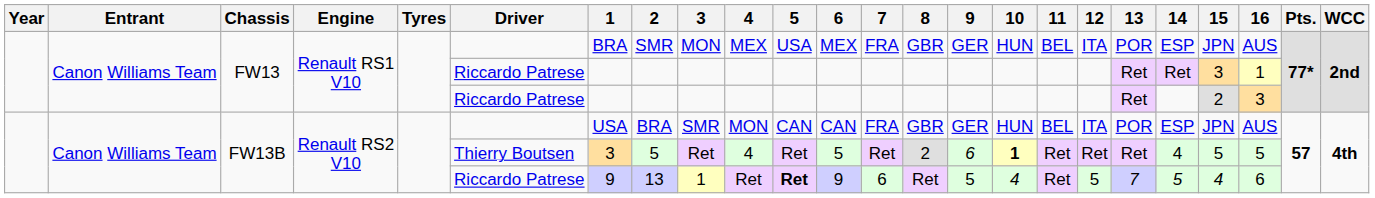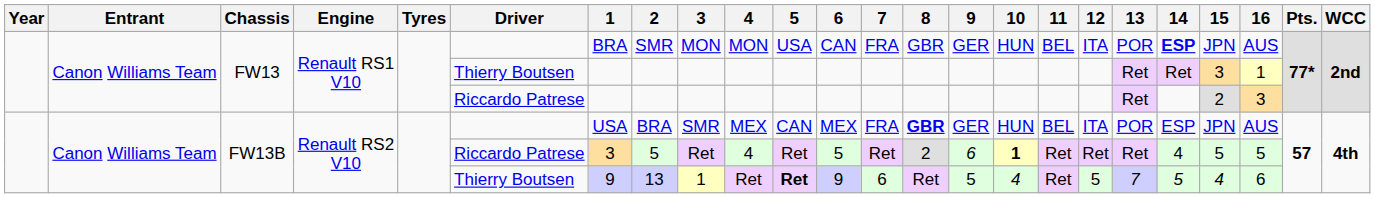 <table class="wikitable" style="text-align:center; font-size:95%">
 <tr>
 <th>Year</th>
 <th>Entrant</th>
 <th>Chassis</th>
 <th>Engine</th>
 <th>Tyres</th>
 <th>Driver</th>
 <th>1</th>
 <th>2</th>
 <th>3</th>
 <th>4</th>
 <th>5</th>
 <th>6</th>
 <th>7</th>
 <th>8</th>
 <th>9</th>
 <th>10</th>
 <th>11</th>
 <th>12</th>
 <th>13</th>
 <th>14</th>
 <th>15</th>
 <th>16</th>
 <th>Pts.</th>
 <th>WCC</th>
 </tr>
 <tr>
 <td rowspan="3"></td>
 <td rowspan="3"><a href='#'>Canon</a> <a href='#'>Williams Team</a></td>
 <td rowspan="3">FW13</td>
 <td rowspan="3"><a href='#'>Renault</a> RS1<br><a href='#'>V10</a></td>
 <td rowspan="3"></td>
 <td></td>
 <td><a href='#'>BRA</a></td>
 <td><a href='#'>SMR</a></td>
 <td><a href='#'>MON</a></td>
-<td><a href='#'>MEX</a></td>
+<td><a href='#'>MON</a></td>
 <td><a href='#'>USA</a></td>
-<td><a href='#'>MEX</a></td>
+<td><a href='#'>CAN</a></td>
 <td><a href='#'>FRA</a></td>
 <td><a href='#'>GBR</a></td>
 <td><a href='#'>GER</a></td>
 <td><a href='#'>HUN</a></td>
 <td><a href='#'>BEL</a></td>
 <td><a href='#'>ITA</a></td>
 <td><a href='#'>POR</a></td>
-<td><a href='#'>ESP</a></td>
+<td><strong><a href='#'>ESP</a></strong></td>
 <td><a href='#'>JPN</a></td>
 <td><a href='#'>AUS</a></td>
 <td rowspan="3" style="background:#dfdfdf;"><strong>77*</strong></td>
 <td rowspan="3" style="background:#dfdfdf;"><strong>2nd</strong></td>
 </tr>
 <tr>
-<td align="left"><a href='#'>Riccardo Patrese</a></td>
+<td align="left"><a href='#'>Thierry Boutsen</a></td>
 <td></td>
 <td></td>
 <td></td>
 <td></td>
 <td></td>
 <td></td>
 <td></td>
 <td></td>
 <td></td>
 <td></td>
 <td></td>
 <td></td>
 <td style="background:#efcfff;">Ret</td>
 <td style="background:#efcfff;">Ret</td>
 <td style="background:#ffdf9f;">3</td>
 <td style="background:#ffffbf;">1</td>
 </tr>
 <tr>
 <td align="left"><a href='#'>Riccardo Patrese</a></td>
 <td></td>
 <td></td>
 <td></td>
 <td></td>
 <td></td>
 <td></td>
 <td></td>
 <td></td>
 <td></td>
 <td></td>
 <td></td>
 <td></td>
 <td style="background:#efcfff;">Ret</td>
 <td></td>
 <td style="background:#dfdfdf;">2</td>
 <td style="background:#ffdf9f;">3</td>
 </tr>
 <tr>
 <td rowspan="3"></td>
 <td rowspan="3"><a href='#'>Canon</a> <a href='#'>Williams Team</a></td>
 <td rowspan="3">FW13B</td>
 <td rowspan="3"><a href='#'>Renault</a> RS2<br><a href='#'>V10</a></td>
 <td rowspan="3"></td>
 <td></td>
 <td><a href='#'>USA</a></td>
 <td><a href='#'>BRA</a></td>
 <td><a href='#'>SMR</a></td>
-<td><a href='#'>MON</a></td>
+<td><a href='#'>MEX</a></td>
 <td><a href='#'>CAN</a></td>
-<td><a href='#'>CAN</a></td>
+<td><a href='#'>MEX</a></td>
 <td><a href='#'>FRA</a></td>
-<td><a href='#'>GBR</a></td>
+<td><strong><a href='#'>GBR</a></strong></td>
 <td><a href='#'>GER</a></td>
 <td><a href='#'>HUN</a></td>
 <td><a href='#'>BEL</a></td>
 <td><a href='#'>ITA</a></td>
 <td><a href='#'>POR</a></td>
 <td><a href='#'>ESP</a></td>
 <td><a href='#'>JPN</a></td>
 <td><a href='#'>AUS</a></td>
 <td rowspan="3"><strong>57</strong></td>
 <td rowspan="3"><strong>4th</strong></td>
 </tr>
 <tr>
-<td align="left"><a href='#'>Thierry Boutsen</a></td>
+<td align="left"><a href='#'>Riccardo Patrese</a></td>
 <td style="background:#ffdf9f;">3</td>
 <td style="background:#dfffdf;">5</td>
 <td style="background:#efcfff;">Ret</td>
 <td style="background:#dfffdf;">4</td>
 <td style="background:#efcfff;">Ret</td>
 <td style="background:#dfffdf;">5</td>
 <td style="background:#efcfff;">Ret</td>
 <td style="background:#dfdfdf;">2</td>
 <td style="background:#dfffdf;"><em>6</em></td>
 <td style="background:#ffffbf;"><strong>1</strong></td>
 <td style="background:#efcfff;">Ret</td>
 <td style="background:#efcfff;">Ret</td>
 <td style="background:#efcfff;">Ret</td>
 <td style="background:#dfffdf;">4</td>
 <td style="background:#dfffdf;">5</td>
 <td style="background:#dfffdf;">5</td>
 </tr>
 <tr>
-<td align="left"><a href='#'>Riccardo Patrese</a></td>
+<td align="left"><a href='#'>Thierry Boutsen</a></td>
 <td style="background:#cfcfff;">9</td>
 <td style="background:#cfcfff;">13</td>
 <td style="background:#ffffbf;">1</td>
 <td style="background:#efcfff;">Ret</td>
 <td style="background:#efcfff;"><strong>Ret</strong></td>
 <td style="background:#cfcfff;">9</td>
 <td style="background:#dfffdf;">6</td>
 <td style="background:#efcfff;">Ret</td>
 <td style="background:#dfffdf;">5</td>
 <td style="background:#dfffdf;"><em>4</em></td>
 <td style="background:#efcfff;">Ret</td>
 <td style="background:#dfffdf;">5</td>
 <td style="background:#cfcfff;"><em>7</em></td>
 <td style="background:#dfffdf;"><em>5</em></td>
 <td style="background:#dfffdf;"><em>4</em></td>
 <td style="background:#dfffdf;">6</td>
 </tr>
 </table>
